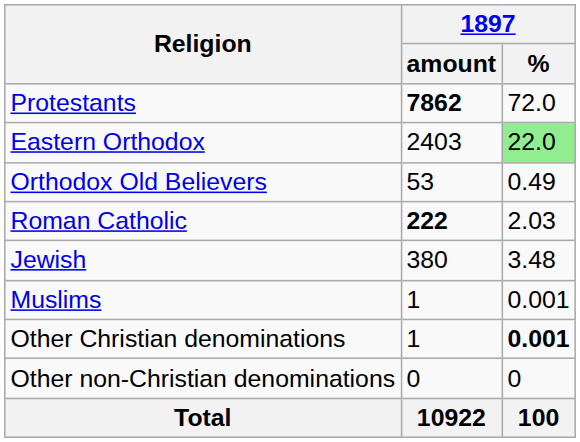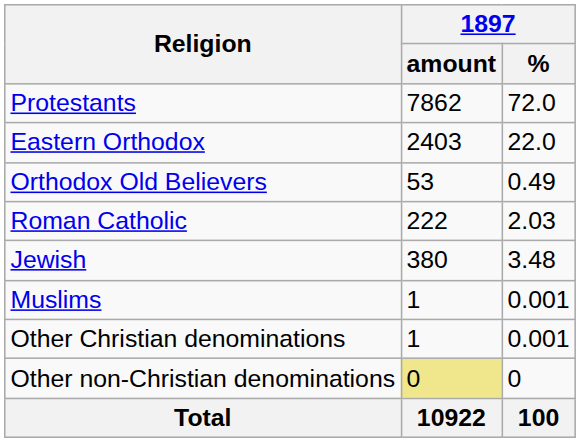 <table class="wikitable sortable">
 <tr>
 <th rowspan="2">Religion</th>
 <th colspan="2"><a href='#'>1897</a></th>
 </tr>
 <tr>
 <th>amount</th>
 <th>%</th>
 </tr>
 <tr>
 <td><a href='#'>Protestants</a></td>
-<td><strong>7862</strong></td>
+<td>7862</td>
 <td>72.0</td>
 </tr>
 <tr>
 <td><a href='#'>Eastern Orthodox</a></td>
 <td>2403</td>
-<td style="background: lightgreen;">22.0</td>
+<td>22.0</td>
 </tr>
 <tr>
 <td><a href='#'>Orthodox Old Believers</a></td>
 <td>53</td>
 <td>0.49</td>
 </tr>
 <tr>
 <td><a href='#'>Roman Catholic</a></td>
-<td><strong>222</strong></td>
+<td>222</td>
 <td>2.03</td>
 </tr>
 <tr>
 <td><a href='#'>Jewish</a></td>
 <td>380</td>
 <td>3.48</td>
 </tr>
 <tr>
 <td><a href='#'>Muslims</a></td>
 <td>1</td>
 <td>0.001</td>
 </tr>
 <tr>
 <td>Other Christian denominations</td>
 <td>1</td>
-<td><strong>0.001</strong></td>
+<td>0.001</td>
 </tr>
 <tr>
 <td>Other non-Christian denominations</td>
-<td>0</td>
+<td style="background: khaki;">0</td>
 <td>0</td>
 </tr>
 <tr>
 <th>Total</th>
 <th>10922</th>
 <th>100</th>
 </tr>
 </table>
